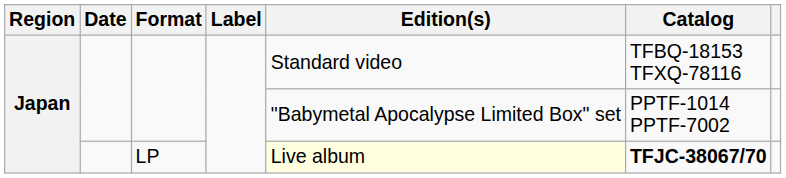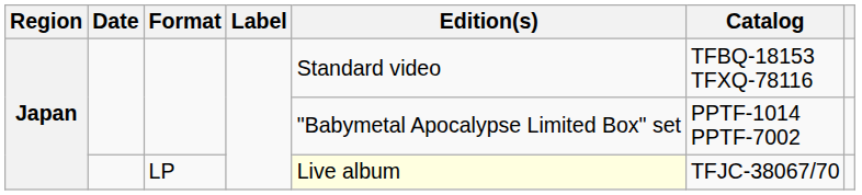 <table class="wikitable plainrowheaders">
 <tr>
 <th scope="col">Region</th>
 <th scope="col">Date</th>
 <th scope="col">Format</th>
 <th scope="col">Label</th>
 <th scope="col">Edition(s)</th>
 <th scope="col">Catalog</th>
 <th scope="col"></th>
 </tr>
 <tr>
 <th scope="row" rowspan="3">Japan</th>
 <td rowspan="2"></td>
 <td rowspan="2"></td>
 <td rowspan="3"></td>
 <td>Standard video</td>
 <td>TFBQ-18153<br>TFXQ-78116</td>
 <td></td>
 </tr>
 <tr>
 <td>"Babymetal Apocalypse Limited Box" set</td>
 <td>PPTF-1014<br>PPTF-7002</td>
 <td></td>
 </tr>
 <tr>
 <td></td>
 <td>LP</td>
 <td style="background: lightyellow;">Live album</td>
-<td><strong>TFJC-38067/70</strong></td>
+<td>TFJC-38067/70</td>
 <td></td>
 </tr>
 </table>
